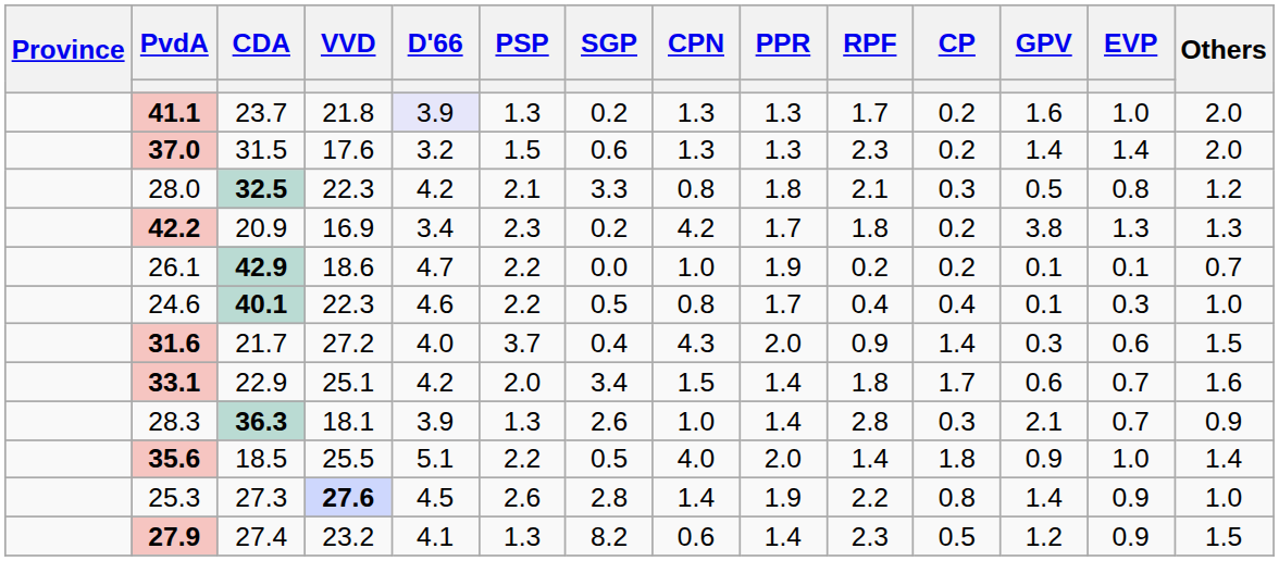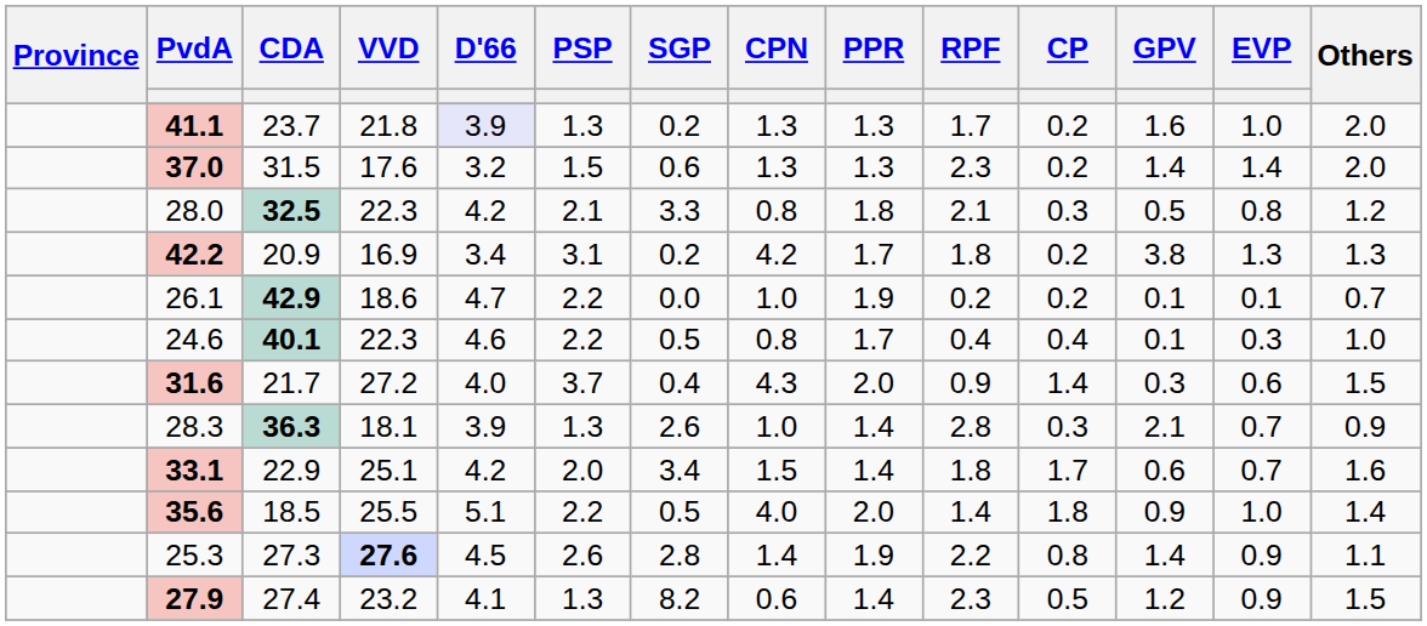 <table class="wikitable sortable" style="text-align:center;font-size:90%;line-height:14px">
 <tr style="height:40px;">
 <th rowspan="2"><a href='#'>Province</a></th>
 <th style="width:40px;"><a href='#'>PvdA</a></th>
 <th style="width:40px;"><a href='#'>CDA</a></th>
 <th style="width:40px;"><a href='#'>VVD</a></th>
 <th style="width:40px;"><a href='#'>D'66</a></th>
 <th style="width:40px;"><a href='#'>PSP</a></th>
 <th style="width:40px;"><a href='#'>SGP</a></th>
 <th style="width:40px;"><a href='#'>CPN</a></th>
 <th style="width:40px;"><a href='#'>PPR</a></th>
 <th style="width:40px;"><a href='#'>RPF</a></th>
 <th style="width:40px;"><a href='#'>CP</a></th>
 <th style="width:40px;"><a href='#'>GPV</a></th>
 <th style="width:40px;"><a href='#'>EVP</a></th>
 <th style="width:40px;" rowspan="2">Others</th>
 </tr>
 <tr>
 <th style="background:"></th>
 <th style="background:"></th>
 <th style="background:"></th>
 <th style="background:"></th>
 <th style="background:"></th>
 <th style="background:"></th>
 <th style="background:"></th>
 <th style="background:"></th>
 <th style="background:"></th>
 <th style="background:"></th>
 <th style="background:"></th>
 <th style="background:"></th>
 </tr>
 <tr>
 <td align="left"></td>
 <td style="background:#F6C5C1;"><strong>41.1</strong></td>
 <td>23.7</td>
 <td>21.8</td>
 <td style="background: lavender;">3.9</td>
 <td>1.3</td>
 <td>0.2</td>
 <td>1.3</td>
 <td>1.3</td>
 <td>1.7</td>
 <td>0.2</td>
 <td>1.6</td>
 <td>1.0</td>
 <td>2.0</td>
 </tr>
 <tr>
 <td align="left"></td>
 <td style="background:#F6C5C1;"><strong>37.0</strong></td>
 <td>31.5</td>
 <td>17.6</td>
 <td>3.2</td>
 <td>1.5</td>
 <td>0.6</td>
 <td>1.3</td>
 <td>1.3</td>
 <td>2.3</td>
 <td>0.2</td>
 <td>1.4</td>
 <td>1.4</td>
 <td>2.0</td>
 </tr>
 <tr>
 <td align="left"></td>
 <td>28.0</td>
 <td style="background:#BADBD3;"><strong>32.5</strong></td>
 <td>22.3</td>
 <td>4.2</td>
 <td>2.1</td>
 <td>3.3</td>
 <td>0.8</td>
 <td>1.8</td>
 <td>2.1</td>
 <td>0.3</td>
 <td>0.5</td>
 <td>0.8</td>
 <td>1.2</td>
 </tr>
 <tr>
 <td align="left"></td>
 <td style="background:#F6C5C1;"><strong>42.2</strong></td>
 <td>20.9</td>
 <td>16.9</td>
 <td>3.4</td>
-<td>2.3</td>
+<td>3.1</td>
 <td>0.2</td>
 <td>4.2</td>
 <td>1.7</td>
 <td>1.8</td>
 <td>0.2</td>
 <td>3.8</td>
 <td>1.3</td>
 <td>1.3</td>
 </tr>
 <tr>
 <td align="left"></td>
 <td>26.1</td>
 <td style="background:#BADBD3;"><strong>42.9</strong></td>
 <td>18.6</td>
 <td>4.7</td>
 <td>2.2</td>
 <td>0.0</td>
 <td>1.0</td>
 <td>1.9</td>
 <td>0.2</td>
 <td>0.2</td>
 <td>0.1</td>
 <td>0.1</td>
 <td>0.7</td>
 </tr>
 <tr>
 <td align="left"></td>
 <td>24.6</td>
 <td style="background:#BADBD3;"><strong>40.1</strong></td>
 <td>22.3</td>
 <td>4.6</td>
 <td>2.2</td>
 <td>0.5</td>
 <td>0.8</td>
 <td>1.7</td>
 <td>0.4</td>
 <td>0.4</td>
 <td>0.1</td>
 <td>0.3</td>
 <td>1.0</td>
 </tr>
 <tr>
 <td align="left"></td>
 <td style="background:#F6C5C1;"><strong>31.6</strong></td>
 <td>21.7</td>
 <td>27.2</td>
 <td>4.0</td>
 <td>3.7</td>
 <td>0.4</td>
 <td>4.3</td>
 <td>2.0</td>
 <td>0.9</td>
 <td>1.4</td>
 <td>0.3</td>
 <td>0.6</td>
 <td>1.5</td>
 </tr>
 <tr>
 <td align="left"></td>
+<td>28.3</td>
+<td style="background:#BADBD3;"><strong>36.3</strong></td>
+<td>18.1</td>
+<td>3.9</td>
+<td>1.3</td>
+<td>2.6</td>
+<td>1.0</td>
+<td>1.4</td>
+<td>2.8</td>
+<td>0.3</td>
+<td>2.1</td>
+<td>0.7</td>
+<td>0.9</td>
+</tr>
+<tr>
+<td align="left"></td>
 <td style="background:#F6C5C1;"><strong>33.1</strong></td>
 <td>22.9</td>
 <td>25.1</td>
 <td>4.2</td>
 <td>2.0</td>
 <td>3.4</td>
 <td>1.5</td>
 <td>1.4</td>
 <td>1.8</td>
 <td>1.7</td>
 <td>0.6</td>
 <td>0.7</td>
 <td>1.6</td>
-</tr>
-<tr>
-<td align="left"></td>
-<td>28.3</td>
-<td style="background:#BADBD3;"><strong>36.3</strong></td>
-<td>18.1</td>
-<td>3.9</td>
-<td>1.3</td>
-<td>2.6</td>
-<td>1.0</td>
-<td>1.4</td>
-<td>2.8</td>
-<td>0.3</td>
-<td>2.1</td>
-<td>0.7</td>
-<td>0.9</td>
 </tr>
 <tr>
 <td align="left"></td>
 <td style="background:#F6C5C1;"><strong>35.6</strong></td>
 <td>18.5</td>
 <td>25.5</td>
 <td>5.1</td>
 <td>2.2</td>
 <td>0.5</td>
 <td>4.0</td>
 <td>2.0</td>
 <td>1.4</td>
 <td>1.8</td>
 <td>0.9</td>
 <td>1.0</td>
 <td>1.4</td>
 </tr>
 <tr>
 <td align="left"></td>
 <td>25.3</td>
 <td>27.3</td>
 <td style="background:#CED7FD;"><strong>27.6</strong></td>
 <td>4.5</td>
 <td>2.6</td>
 <td>2.8</td>
 <td>1.4</td>
 <td>1.9</td>
 <td>2.2</td>
 <td>0.8</td>
 <td>1.4</td>
 <td>0.9</td>
-<td>1.0</td>
+<td>1.1</td>
 </tr>
 <tr>
 <td align="left"></td>
 <td style="background:#F6C5C1;"><strong>27.9</strong></td>
 <td>27.4</td>
 <td>23.2</td>
 <td>4.1</td>
 <td>1.3</td>
 <td>8.2</td>
 <td>0.6</td>
 <td>1.4</td>
 <td>2.3</td>
 <td>0.5</td>
 <td>1.2</td>
 <td>0.9</td>
 <td>1.5</td>
 </tr>
 </table>
